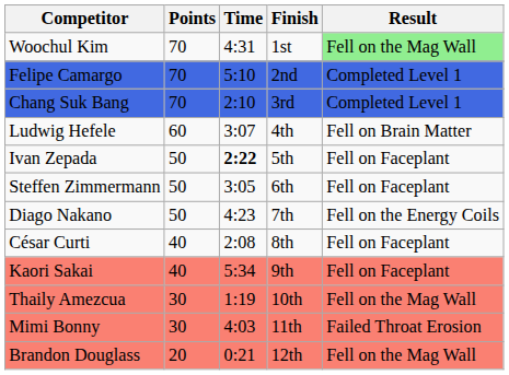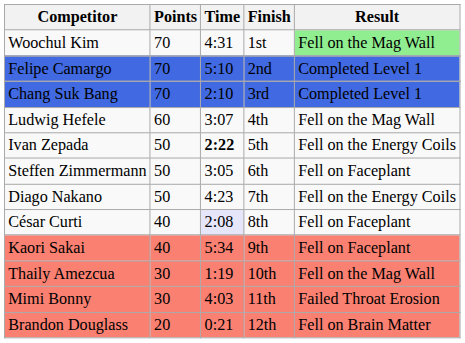 <table class="wikitable sortable">
 <tr>
 <th>Competitor</th>
 <th>Points</th>
 <th>Time</th>
 <th>Finish</th>
 <th>Result</th>
 </tr>
 <tr>
 <td> Woochul Kim</td>
 <td>70</td>
 <td>4:31</td>
 <td>1st</td>
 <td style="background: lightgreen;">Fell on the Mag Wall</td>
 </tr>
 <tr>
 </tr>
 <tr style="background:royalblue;">
 <td> Felipe Camargo</td>
 <td>70</td>
 <td>5:10</td>
 <td>2nd</td>
 <td>Completed Level 1</td>
 </tr>
 <tr>
 </tr>
 <tr style="background:royalblue;">
 <td> Chang Suk Bang</td>
 <td>70</td>
 <td>2:10</td>
 <td>3rd</td>
 <td>Completed Level 1</td>
 </tr>
 <tr>
 <td> Ludwig Hefele</td>
 <td>60</td>
 <td>3:07</td>
 <td>4th</td>
-<td>Fell on Brain Matter</td>
+<td>Fell on the Mag Wall</td>
 </tr>
 <tr>
 <td> Ivan Zepada</td>
 <td>50</td>
 <td><strong>2:22</strong></td>
 <td>5th</td>
-<td>Fell on Faceplant</td>
+<td>Fell on the Energy Coils</td>
 </tr>
 <tr>
 <td> Steffen Zimmermann</td>
 <td>50</td>
 <td>3:05</td>
 <td>6th</td>
 <td>Fell on Faceplant</td>
 </tr>
 <tr>
 <td> Diago Nakano</td>
 <td>50</td>
 <td>4:23</td>
 <td>7th</td>
 <td>Fell on the Energy Coils</td>
 </tr>
 <tr>
 <td> César Curti</td>
 <td>40</td>
-<td>2:08</td>
+<td style="background: lavender;">2:08</td>
 <td>8th</td>
 <td>Fell on Faceplant</td>
 </tr>
 <tr style="background-color:#fa8072">
 <td> Kaori Sakai</td>
 <td>40</td>
 <td>5:34</td>
 <td>9th</td>
 <td>Fell on Faceplant</td>
 </tr>
 <tr style="background-color:#fa8072">
 <td> Thaily Amezcua</td>
 <td>30</td>
 <td>1:19</td>
 <td>10th</td>
 <td>Fell on the Mag Wall</td>
 </tr>
 <tr style="background-color:#fa8072">
 <td> Mimi Bonny</td>
 <td>30</td>
 <td>4:03</td>
 <td>11th</td>
 <td>Failed Throat Erosion</td>
 </tr>
 <tr style="background-color:#fa8072">
 <td> Brandon Douglass</td>
 <td>20</td>
 <td>0:21</td>
 <td>12th</td>
-<td>Fell on the Mag Wall</td>
+<td>Fell on Brain Matter</td>
 </tr>
 </table>
